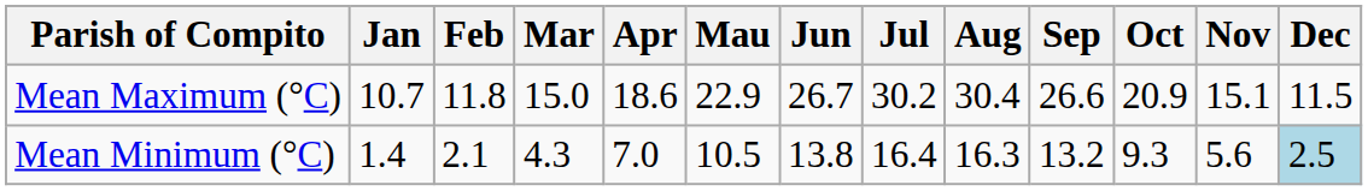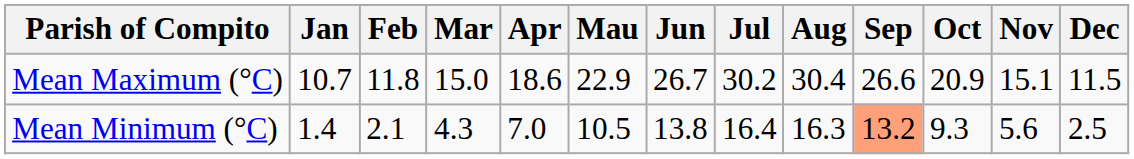 <table class="wikitable">
 <tr>
 <th>Parish of Compito</th>
 <th>Jan</th>
 <th>Feb</th>
 <th>Mar</th>
 <th>Apr</th>
 <th>Mau</th>
 <th>Jun</th>
 <th>Jul</th>
 <th>Aug</th>
 <th>Sep</th>
 <th>Oct</th>
 <th>Nov</th>
 <th>Dec</th>
 </tr>
 <tr>
 <td><a href='#'>Mean Maximum</a> (°<a href='#'>C</a>)</td>
 <td>10.7</td>
 <td>11.8</td>
 <td>15.0</td>
 <td>18.6</td>
 <td>22.9</td>
 <td>26.7</td>
 <td>30.2</td>
 <td>30.4</td>
 <td>26.6</td>
 <td>20.9</td>
 <td>15.1</td>
 <td>11.5</td>
 </tr>
 <tr>
 <td><a href='#'>Mean Minimum</a> (°<a href='#'>C</a>)</td>
 <td>1.4</td>
 <td>2.1</td>
 <td>4.3</td>
 <td>7.0</td>
 <td>10.5</td>
 <td>13.8</td>
 <td>16.4</td>
 <td>16.3</td>
-<td>13.2</td>
+<td style="background: lightsalmon;">13.2</td>
 <td>9.3</td>
 <td>5.6</td>
-<td style="background: lightblue;">2.5</td>
+<td>2.5</td>
 </tr>
 </table>
